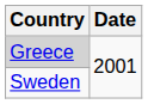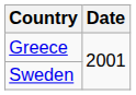 <table class="wikitable">
 <tr>
 <th>Country</th>
 <th>Date</th>
 </tr>
 <tr>
-<td style="background: lightgrey;"><a href='#'>Greece</a></td>
+<td><a href='#'>Greece</a></td>
 <td rowspan="2">2001</td>
 </tr>
 <tr>
 <td><a href='#'>Sweden</a></td>
 </tr>
 </table>
